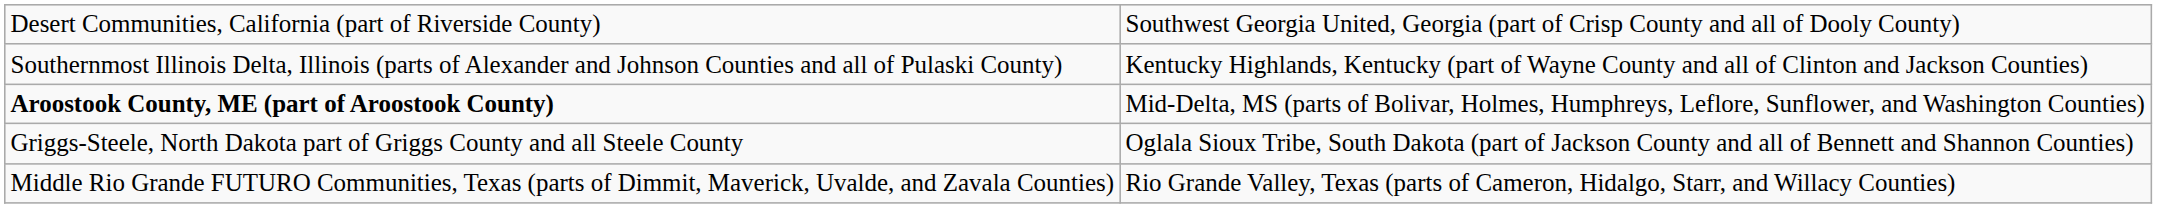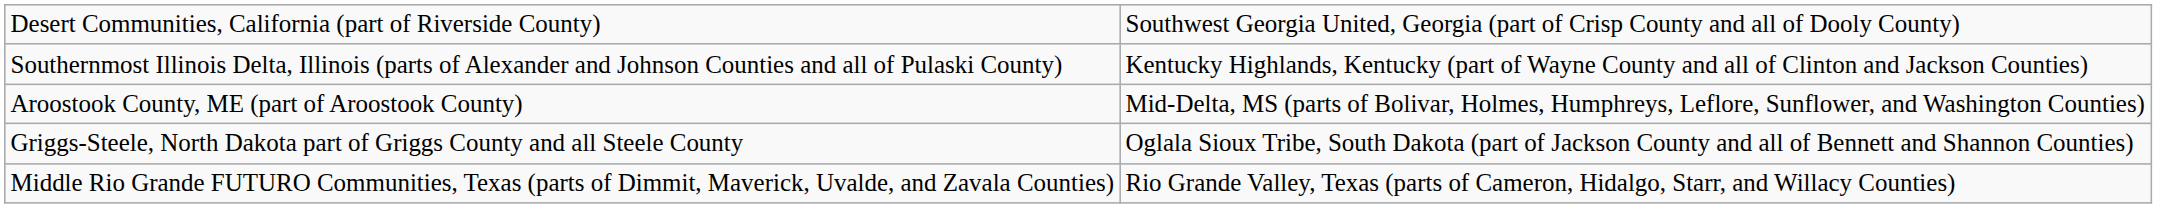 <table class="wikitable">
 <tr>
 <td>Desert Communities, California (part of Riverside County)</td>
 <td>Southwest Georgia United, Georgia (part of Crisp County and all of Dooly County)</td>
 </tr>
 <tr>
 <td>Southernmost Illinois Delta, Illinois (parts of Alexander and Johnson Counties and all of Pulaski County)</td>
 <td>Kentucky Highlands, Kentucky (part of Wayne County and all of Clinton and Jackson Counties)</td>
 </tr>
 <tr>
-<td><strong>Aroostook County, ME (part of Aroostook County)</strong></td>
+<td>Aroostook County, ME (part of Aroostook County)</td>
 <td>Mid-Delta, MS (parts of Bolivar, Holmes, Humphreys, Leflore, Sunflower, and Washington Counties)</td>
 </tr>
 <tr>
 <td>Griggs-Steele, North Dakota part of Griggs County and all Steele County</td>
 <td>Oglala Sioux Tribe, South Dakota (part of Jackson County and all of Bennett and Shannon Counties)</td>
 </tr>
 <tr>
 <td>Middle Rio Grande FUTURO Communities, Texas (parts of Dimmit, Maverick, Uvalde, and Zavala Counties)</td>
 <td>Rio Grande Valley, Texas (parts of Cameron, Hidalgo, Starr, and Willacy Counties)</td>
 </tr>
 </table>
